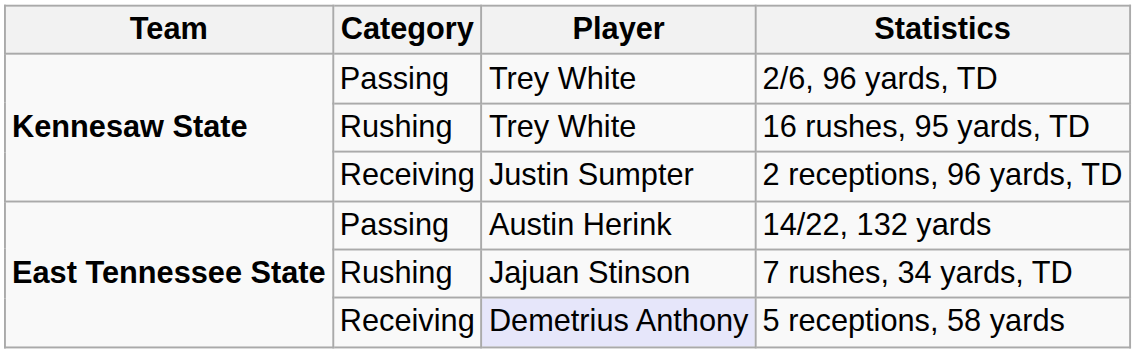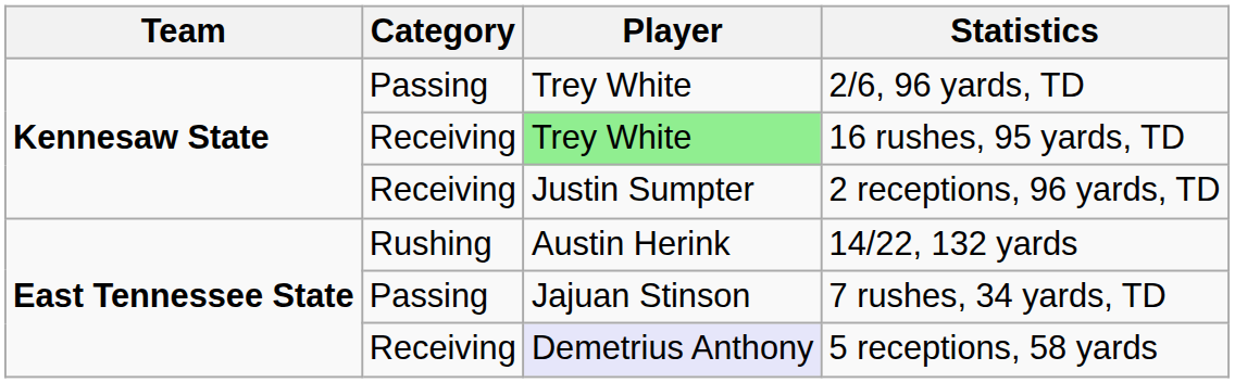 <table class="wikitable" style="float: left;">
 <tr>
 <th>Team</th>
 <th>Category</th>
 <th>Player</th>
 <th>Statistics</th>
 </tr>
 <tr>
 <td rowspan=3><strong>Kennesaw State</strong></td>
 <td>Passing</td>
 <td>Trey White</td>
 <td>2/6, 96 yards, TD</td>
 </tr>
 <tr>
-<td>Rushing</td>
-<td>Trey White</td>
+<td>Receiving</td>
+<td style="background: lightgreen;">Trey White</td>
 <td>16 rushes, 95 yards, TD</td>
 </tr>
 <tr>
 <td>Receiving</td>
 <td>Justin Sumpter</td>
 <td>2 receptions, 96 yards, TD</td>
 </tr>
 <tr>
 <td rowspan=3><strong>East Tennessee State</strong></td>
-<td>Passing</td>
+<td>Rushing</td>
 <td>Austin Herink</td>
 <td>14/22, 132 yards</td>
 </tr>
 <tr>
-<td>Rushing</td>
+<td>Passing</td>
 <td>Jajuan Stinson</td>
 <td>7 rushes, 34 yards, TD</td>
 </tr>
 <tr>
 <td>Receiving</td>
 <td style="background: lavender;">Demetrius Anthony</td>
 <td>5 receptions, 58 yards</td>
 </tr>
 </table>
